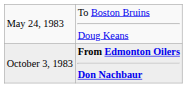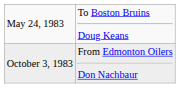 <table class="wikitable">
 <tr>
 <td>May 24, 1983</td>
 <td valign="top">To <a href='#'>Boston Bruins</a><hr><a href='#'>Doug Keans</a></td>
 </tr>
 <tr style="background:#eee;">
 <td>October 3, 1983</td>
-<td valign="top"><strong>From <a href='#'>Edmonton Oilers</a><hr><a href='#'>Don Nachbaur</a></strong></td>
+<td valign="top">From <a href='#'>Edmonton Oilers</a><hr><a href='#'>Don Nachbaur</a></td>
 </tr>
 </table>
